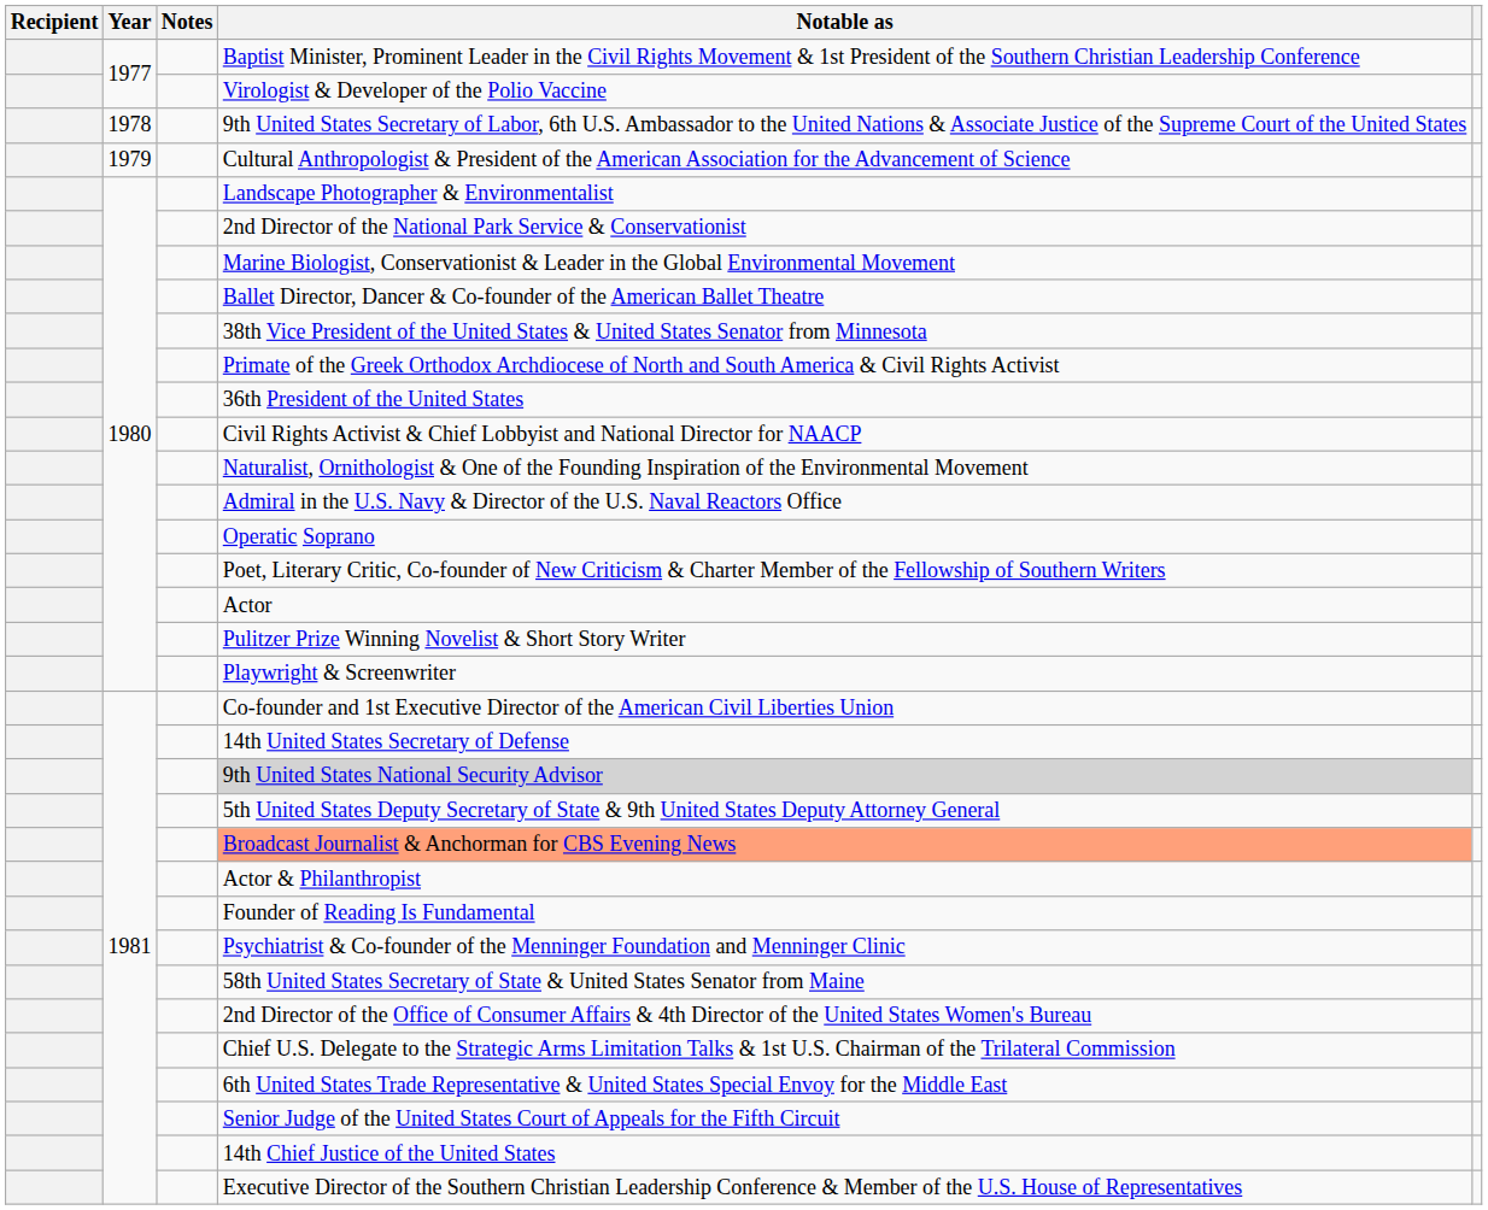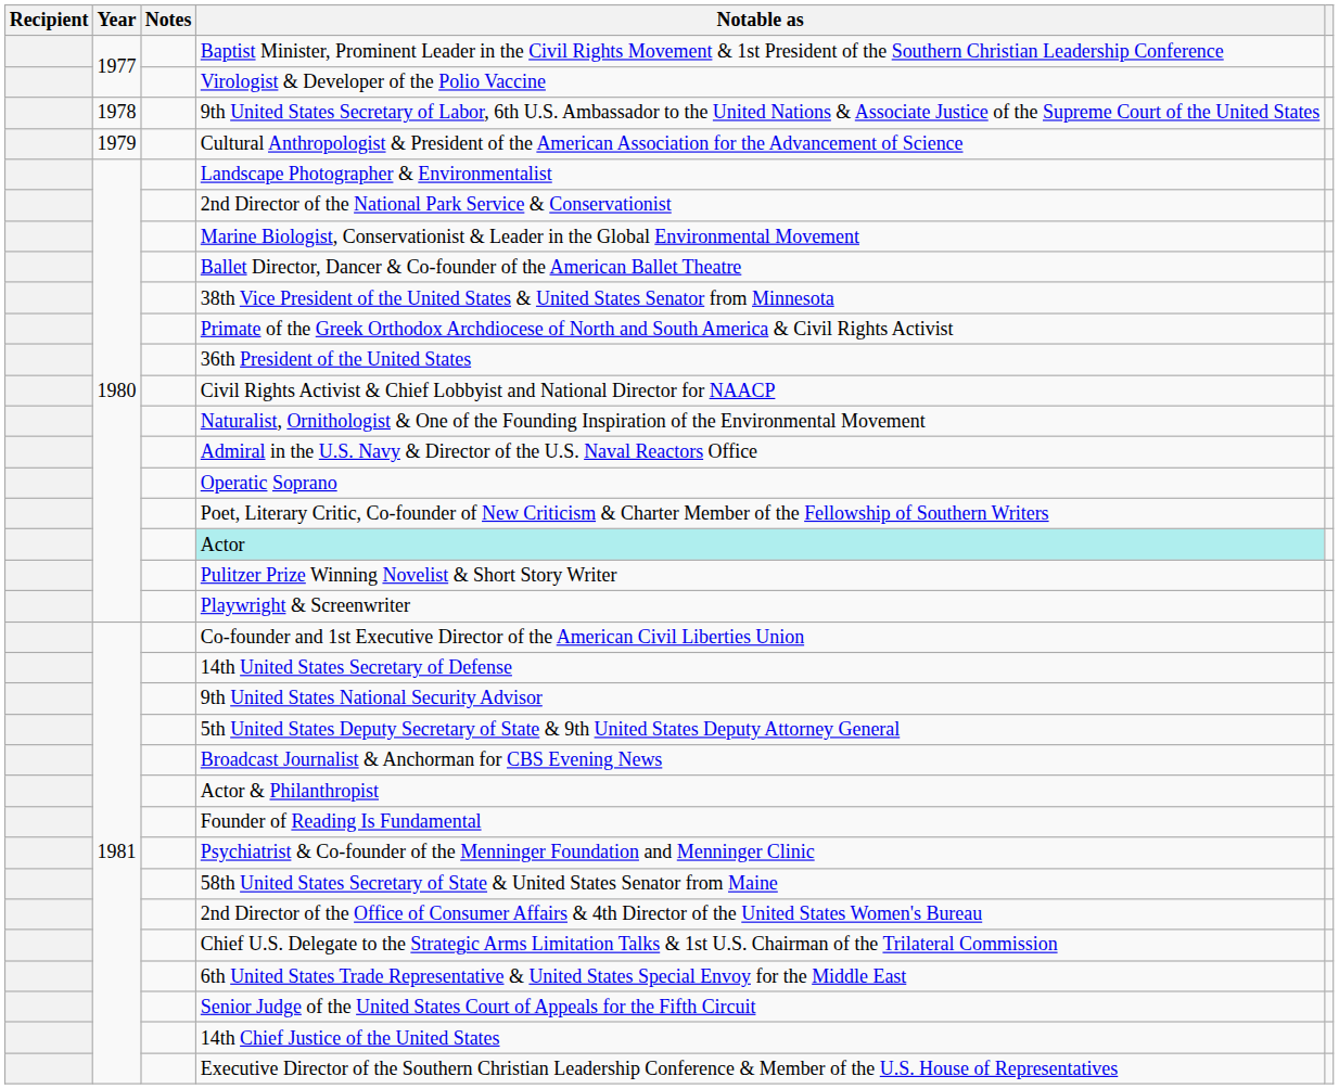 <table class="wikitable sortable plainrowheaders">
 <tr>
 <th>Recipient</th>
 <th>Year</th>
 <th>Notes</th>
 <th>Notable as</th>
 <th class="unsortable"></th>
 </tr>
 <tr>
 <th scope="row"></th>
 <td rowspan="2">1977</td>
 <td></td>
 <td><a href='#'>Baptist</a> Minister, Prominent Leader in the <a href='#'>Civil Rights Movement</a> & 1st President of the <a href='#'>Southern Christian Leadership Conference</a></td>
 <td></td>
 </tr>
 <tr>
 <th scope="row"></th>
 <td></td>
 <td><a href='#'>Virologist</a> & Developer of the <a href='#'>Polio Vaccine</a></td>
 <td></td>
 </tr>
 <tr>
 <th scope="row"></th>
 <td>1978</td>
 <td></td>
 <td>9th <a href='#'>United States Secretary of Labor</a>, 6th U.S. Ambassador to the <a href='#'>United Nations</a> & <a href='#'>Associate Justice</a> of the <a href='#'>Supreme Court of the United States</a></td>
 <td></td>
 </tr>
 <tr>
 <th scope="row"></th>
 <td>1979</td>
 <td></td>
 <td>Cultural <a href='#'>Anthropologist</a> & President of the <a href='#'>American Association for the Advancement of Science</a></td>
 <td></td>
 </tr>
 <tr>
 <th scope="row"></th>
 <td rowspan="15">1980</td>
 <td></td>
 <td><a href='#'>Landscape Photographer</a> & <a href='#'>Environmentalist</a></td>
 <td></td>
 </tr>
 <tr>
 <th scope="row"></th>
 <td></td>
 <td>2nd Director of the <a href='#'>National Park Service</a> & <a href='#'>Conservationist</a></td>
 <td></td>
 </tr>
 <tr>
 <th scope="row"></th>
 <td></td>
 <td><a href='#'>Marine Biologist</a>, Conservationist & Leader in the Global <a href='#'>Environmental Movement</a></td>
 <td></td>
 </tr>
 <tr>
 <th scope="row"></th>
 <td></td>
 <td><a href='#'>Ballet</a> Director, Dancer & Co-founder of the <a href='#'>American Ballet Theatre</a></td>
 <td></td>
 </tr>
 <tr>
 <th scope="row"></th>
 <td></td>
 <td>38th <a href='#'>Vice President of the United States</a> & <a href='#'>United States Senator</a> from <a href='#'>Minnesota</a></td>
 <td></td>
 </tr>
 <tr>
 <th scope="row"></th>
 <td></td>
 <td><a href='#'>Primate</a> of the <a href='#'>Greek Orthodox Archdiocese of North and South America</a> & Civil Rights Activist</td>
 <td></td>
 </tr>
 <tr>
 <th scope="row"></th>
 <td></td>
 <td>36th <a href='#'>President of the United States</a></td>
 <td></td>
 </tr>
 <tr>
 <th scope="row"></th>
 <td></td>
 <td>Civil Rights Activist & Chief Lobbyist and National Director for <a href='#'>NAACP</a></td>
 <td></td>
 </tr>
 <tr>
 <th scope="row"></th>
 <td></td>
 <td><a href='#'>Naturalist</a>, <a href='#'>Ornithologist</a> & One of the Founding Inspiration of the Environmental Movement</td>
 <td></td>
 </tr>
 <tr>
 <th scope="row"></th>
 <td></td>
 <td><a href='#'>Admiral</a> in the <a href='#'>U.S. Navy</a> & Director of the U.S. <a href='#'>Naval Reactors</a> Office</td>
 <td></td>
 </tr>
 <tr>
 <th scope="row"></th>
 <td></td>
 <td><a href='#'>Operatic</a> <a href='#'>Soprano</a></td>
 <td></td>
 </tr>
 <tr>
 <th scope="row"></th>
 <td></td>
 <td>Poet, Literary Critic, Co-founder of <a href='#'>New Criticism</a> & Charter Member of the <a href='#'>Fellowship of Southern Writers</a></td>
 <td></td>
 </tr>
 <tr>
 <th scope="row"></th>
 <td></td>
-<td>Actor</td>
+<td style="background: paleturquoise;">Actor</td>
 <td></td>
 </tr>
 <tr>
 <th scope="row"></th>
 <td></td>
 <td><a href='#'>Pulitzer Prize</a> Winning <a href='#'>Novelist</a> & Short Story Writer</td>
 <td></td>
 </tr>
 <tr>
 <th scope="row"></th>
 <td></td>
 <td><a href='#'>Playwright</a> & Screenwriter</td>
 <td></td>
 </tr>
 <tr>
 <th scope="row"></th>
 <td rowspan="15">1981</td>
 <td></td>
 <td>Co-founder and 1st Executive Director of the <a href='#'>American Civil Liberties Union</a></td>
 <td></td>
 </tr>
 <tr>
 <th scope="row"></th>
 <td></td>
 <td>14th <a href='#'>United States Secretary of Defense</a></td>
 <td></td>
 </tr>
 <tr>
 <th scope="row"></th>
 <td></td>
-<td style="background: lightgrey;">9th <a href='#'>United States National Security Advisor</a></td>
+<td>9th <a href='#'>United States National Security Advisor</a></td>
 <td></td>
 </tr>
 <tr>
 <th scope="row"></th>
 <td></td>
 <td>5th <a href='#'>United States Deputy Secretary of State</a> & 9th <a href='#'>United States Deputy Attorney General</a></td>
 <td></td>
 </tr>
 <tr>
 <th scope="row"></th>
 <td></td>
-<td style="background: lightsalmon;"><a href='#'>Broadcast Journalist</a> & Anchorman for <a href='#'>CBS Evening News</a></td>
+<td><a href='#'>Broadcast Journalist</a> & Anchorman for <a href='#'>CBS Evening News</a></td>
 <td></td>
 </tr>
 <tr>
 <th scope="row"></th>
 <td></td>
 <td>Actor & <a href='#'>Philanthropist</a></td>
 <td></td>
 </tr>
 <tr>
 <th scope="row"></th>
 <td></td>
 <td>Founder of <a href='#'>Reading Is Fundamental</a></td>
 <td></td>
 </tr>
 <tr>
 <th scope="row"></th>
 <td></td>
 <td><a href='#'>Psychiatrist</a> & Co-founder of the <a href='#'>Menninger Foundation</a> and <a href='#'>Menninger Clinic</a></td>
 <td></td>
 </tr>
 <tr>
 <th scope="row"></th>
 <td></td>
 <td>58th <a href='#'>United States Secretary of State</a> & United States Senator from <a href='#'>Maine</a></td>
 <td></td>
 </tr>
 <tr>
 <th scope="row"></th>
 <td></td>
 <td>2nd Director of the <a href='#'>Office of Consumer Affairs</a> & 4th Director of the <a href='#'>United States Women's Bureau</a></td>
 <td></td>
 </tr>
 <tr>
 <th scope="row"></th>
 <td></td>
 <td>Chief U.S. Delegate to the <a href='#'>Strategic Arms Limitation Talks</a> & 1st U.S. Chairman of the <a href='#'>Trilateral Commission</a></td>
 <td></td>
 </tr>
 <tr>
 <th scope="row"></th>
 <td></td>
 <td>6th <a href='#'>United States Trade Representative</a> & <a href='#'>United States Special Envoy</a> for the <a href='#'>Middle East</a></td>
 <td></td>
 </tr>
 <tr>
 <th scope="row"></th>
 <td></td>
 <td><a href='#'>Senior Judge</a> of the <a href='#'>United States Court of Appeals for the Fifth Circuit</a></td>
 <td></td>
 </tr>
 <tr>
 <th scope="row"></th>
 <td></td>
 <td>14th <a href='#'>Chief Justice of the United States</a></td>
 <td></td>
 </tr>
 <tr>
 <th scope="row"></th>
 <td></td>
 <td>Executive Director of the Southern Christian Leadership Conference & Member of the <a href='#'>U.S. House of Representatives</a></td>
 <td></td>
 </tr>
 </table>
